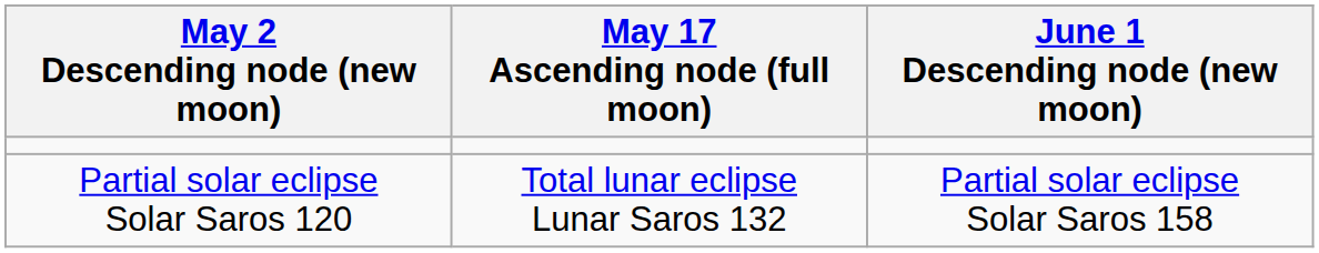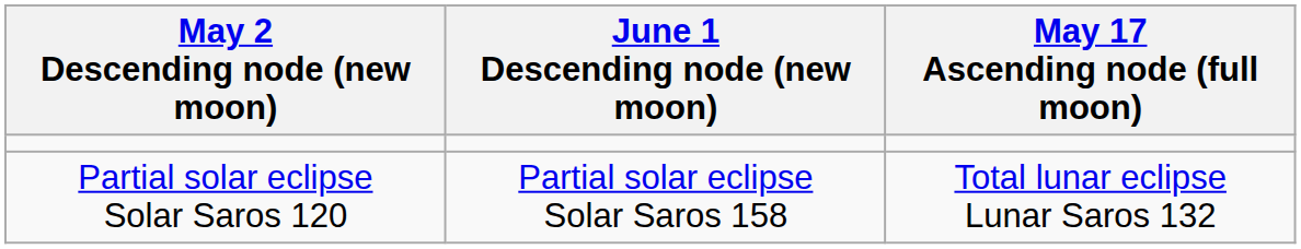 <table class="wikitable">
 <tr>
 <th><a href='#'>May 2</a><br>Descending node (new moon)<br></th>
+<th><a href='#'>June 1</a><br>Descending node (new moon)<br></th>
 <th><a href='#'>May 17</a><br>Ascending node (full moon)<br></th>
-<th><a href='#'>June 1</a><br>Descending node (new moon)<br></th>
 </tr>
 <tr>
 <td></td>
 <td></td>
 <td></td>
 </tr>
 <tr align=center>
 <td><a href='#'>Partial solar eclipse</a><br>Solar Saros 120</td>
+<td><a href='#'>Partial solar eclipse</a><br>Solar Saros 158</td>
 <td><a href='#'>Total lunar eclipse</a><br>Lunar Saros 132</td>
-<td><a href='#'>Partial solar eclipse</a><br>Solar Saros 158</td>
 </tr>
 </table>
